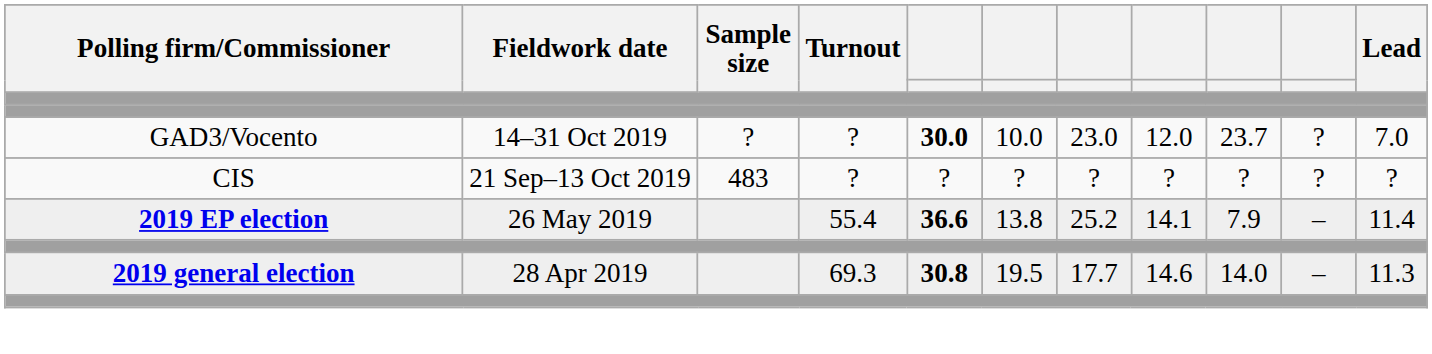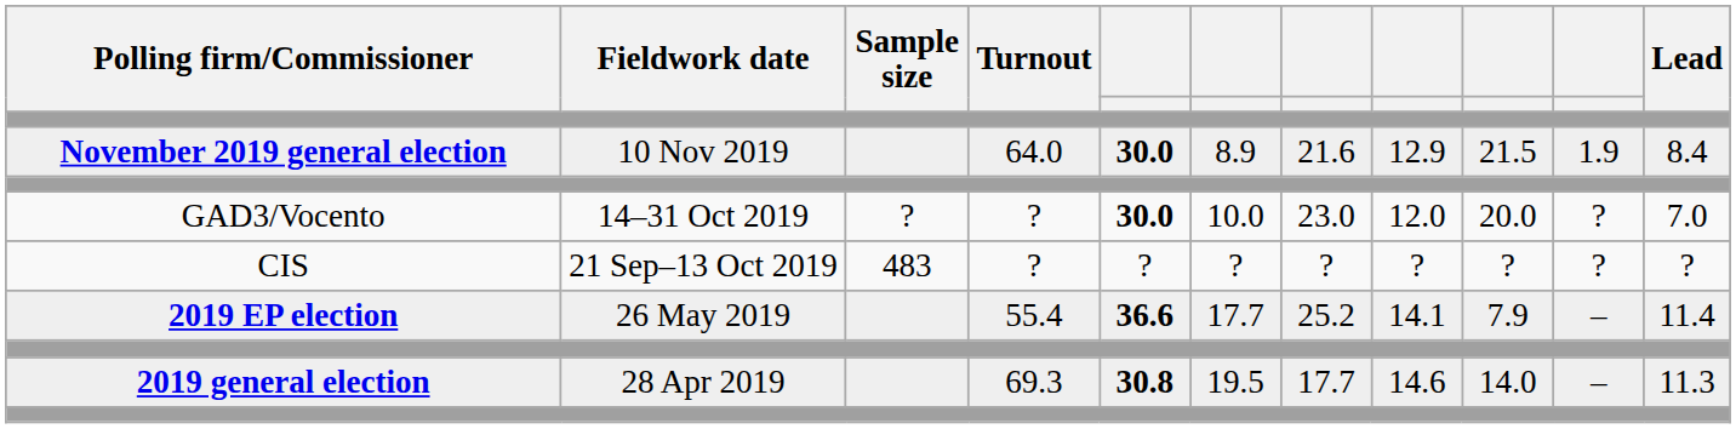 <table class="wikitable collapsible collapsed" style="text-align:center; font-size:95%; line-height:16px;">
 <tr style="height:42px;">
 <th style="width:250px;" rowspan="2">Polling firm/Commissioner</th>
 <th style="width:125px;" rowspan="2">Fieldwork date</th>
 <th style="width:50px;" rowspan="2">Sample size</th>
 <th style="width:45px;" rowspan="2">Turnout</th>
 <th style="width:35px;"></th>
 <th style="width:35px;"></th>
 <th style="width:35px;"></th>
 <th style="width:35px;"></th>
 <th style="width:35px;"></th>
 <th style="width:35px;"></th>
 <th style="width:30px;" rowspan="2">Lead</th>
 </tr>
 <tr>
 <th style="color:inherit;background:"></th>
 <th style="color:inherit;background:"></th>
 <th style="color:inherit;background:"></th>
 <th style="color:inherit;background:"></th>
 <th style="color:inherit;background:"></th>
 <th style="color:inherit;background:"></th>
 </tr>
 <tr>
 <td colspan="11" style="background:#A0A0A0"></td>
 </tr>
+<tr style="background:#EFEFEF;">
+<td><strong><a href='#'>November 2019 general election</a></strong></td>
+<td>10 Nov 2019</td>
+<td></td>
+<td>64.0</td>
+<td><strong>30.0</strong><br></td>
+<td>8.9<br></td>
+<td>21.6<br></td>
+<td>12.9<br></td>
+<td>21.5<br></td>
+<td>1.9<br></td>
+<td style="background:">8.4</td>
+</tr>
 <tr>
 <td colspan="11" style="background:#A0A0A0"></td>
 </tr>
 <tr>
 <td>GAD3/Vocento</td>
 <td>14–31 Oct 2019</td>
 <td>?</td>
 <td>?</td>
 <td><strong>30.0</strong><br></td>
 <td>10.0<br></td>
 <td>23.0<br></td>
 <td>12.0<br></td>
-<td>23.7<br></td>
+<td>20.0<br></td>
 <td>?<br></td>
 <td style="background:">7.0</td>
 </tr>
 <tr>
 <td>CIS</td>
 <td>21 Sep–13 Oct 2019</td>
 <td>483</td>
 <td>?</td>
 <td>?<br></td>
 <td>?<br></td>
 <td>?<br></td>
 <td>?<br></td>
 <td>?<br></td>
 <td>?<br></td>
 <td style="background:">?</td>
 </tr>
 <tr style="background:#EFEFEF;">
 <td><strong><a href='#'>2019 EP election</a></strong></td>
 <td>26 May 2019</td>
 <td></td>
 <td>55.4</td>
 <td><strong>36.6</strong><br></td>
-<td>13.8<br></td>
+<td>17.7<br></td>
 <td>25.2<br></td>
 <td>14.1<br></td>
 <td>7.9<br></td>
 <td>–</td>
 <td style="background:">11.4</td>
 </tr>
 <tr>
 <td colspan="11" style="background:#A0A0A0"></td>
 </tr>
 <tr style="background:#EFEFEF;">
 <td><strong><a href='#'>2019 general election</a></strong></td>
 <td>28 Apr 2019</td>
 <td></td>
 <td>69.3</td>
 <td><strong>30.8</strong><br></td>
 <td>19.5<br></td>
 <td>17.7<br></td>
 <td>14.6<br></td>
 <td>14.0<br></td>
 <td>–</td>
 <td style="background:">11.3</td>
 </tr>
 <tr>
 <td colspan="11" style="background:#A0A0A0"></td>
 </tr>
 </table>
